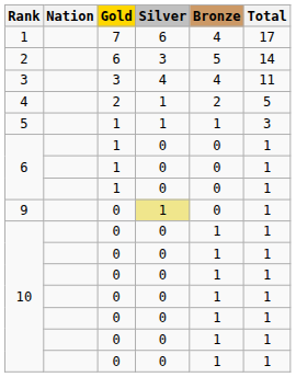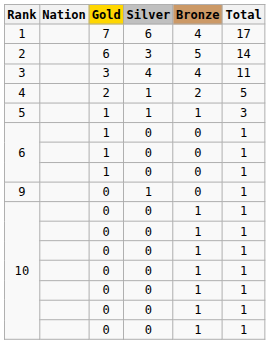 <table class="wikitable sortable" style="text-align:center">
 <tr>
 <th>Rank</th>
 <th>Nation</th>
 <th style="background-color:gold">Gold</th>
 <th style="background-color:silver">Silver</th>
 <th style="background-color:#cc9966">Bronze</th>
 <th>Total</th>
 </tr>
 <tr>
 <td>1</td>
 <td align=left></td>
 <td>7</td>
 <td>6</td>
 <td>4</td>
 <td>17</td>
 </tr>
 <tr>
 <td>2</td>
 <td align=left></td>
 <td>6</td>
 <td>3</td>
 <td>5</td>
 <td>14</td>
 </tr>
 <tr>
 <td>3</td>
 <td align=left></td>
 <td>3</td>
 <td>4</td>
 <td>4</td>
 <td>11</td>
 </tr>
 <tr>
 <td>4</td>
 <td align=left></td>
 <td>2</td>
 <td>1</td>
 <td>2</td>
 <td>5</td>
 </tr>
 <tr>
 <td>5</td>
 <td align=left></td>
 <td>1</td>
 <td>1</td>
 <td>1</td>
 <td>3</td>
 </tr>
 <tr>
 <td rowspan="3">6</td>
 <td align=left></td>
 <td>1</td>
 <td>0</td>
 <td>0</td>
 <td>1</td>
 </tr>
 <tr>
 <td align=left></td>
 <td>1</td>
 <td>0</td>
 <td>0</td>
 <td>1</td>
 </tr>
 <tr>
 <td align=left></td>
 <td>1</td>
 <td>0</td>
 <td>0</td>
 <td>1</td>
 </tr>
 <tr>
 <td>9</td>
 <td align=left></td>
 <td>0</td>
-<td style="background: khaki;">1</td>
+<td>1</td>
 <td>0</td>
 <td>1</td>
 </tr>
 <tr>
 <td rowspan="7">10</td>
 <td align=left></td>
 <td>0</td>
 <td>0</td>
 <td>1</td>
 <td>1</td>
 </tr>
 <tr>
 <td align=left></td>
 <td>0</td>
 <td>0</td>
 <td>1</td>
 <td>1</td>
 </tr>
 <tr>
 <td align=left></td>
 <td>0</td>
 <td>0</td>
 <td>1</td>
 <td>1</td>
 </tr>
 <tr>
 <td align=left></td>
 <td>0</td>
 <td>0</td>
 <td>1</td>
 <td>1</td>
 </tr>
 <tr>
 <td align=left></td>
 <td>0</td>
 <td>0</td>
 <td>1</td>
 <td>1</td>
 </tr>
 <tr>
 <td align=left></td>
 <td>0</td>
 <td>0</td>
 <td>1</td>
 <td>1</td>
 </tr>
 <tr>
 <td align=left></td>
 <td>0</td>
 <td>0</td>
 <td>1</td>
 <td>1</td>
 </tr>
 </table>
